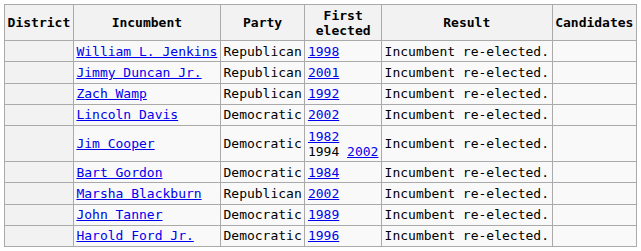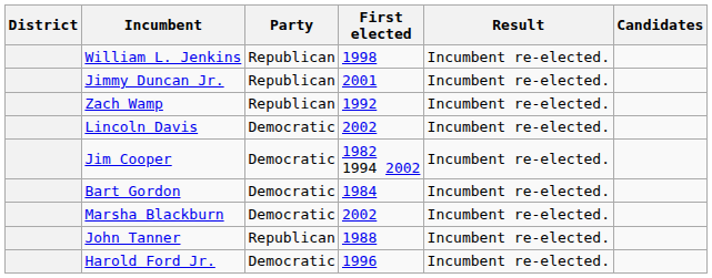 <table class="wikitable">
 <tr>
 <th>District</th>
 <th>Incumbent</th>
 <th>Party</th>
 <th>First<br>elected</th>
 <th>Result</th>
 <th>Candidates</th>
 </tr>
 <tr>
 <th></th>
 <td><a href='#'>William L. Jenkins</a></td>
 <td>Republican</td>
 <td><a href='#'>1998</a></td>
 <td>Incumbent re-elected.</td>
 <td nowrap=""></td>
 </tr>
 <tr>
 <th></th>
 <td><a href='#'>Jimmy Duncan Jr.</a></td>
 <td>Republican</td>
 <td><a href='#'>2001</a></td>
 <td>Incumbent re-elected.</td>
 <td nowrap=""></td>
 </tr>
 <tr>
 <th></th>
 <td><a href='#'>Zach Wamp</a></td>
 <td>Republican</td>
 <td><a href='#'>1992</a></td>
 <td>Incumbent re-elected.</td>
 <td nowrap=""></td>
 </tr>
 <tr>
 <th></th>
 <td><a href='#'>Lincoln Davis</a></td>
 <td>Democratic</td>
 <td><a href='#'>2002</a></td>
 <td>Incumbent re-elected.</td>
 <td nowrap=""></td>
 </tr>
 <tr>
 <th></th>
 <td><a href='#'>Jim Cooper</a></td>
 <td>Democratic</td>
 <td><a href='#'>1982</a><br>1994  <a href='#'>2002</a></td>
 <td>Incumbent re-elected.</td>
 <td nowrap=""></td>
 </tr>
 <tr>
 <th></th>
 <td><a href='#'>Bart Gordon</a></td>
 <td>Democratic</td>
 <td><a href='#'>1984</a></td>
 <td>Incumbent re-elected.</td>
 <td nowrap=""></td>
 </tr>
 <tr>
 <th></th>
 <td><a href='#'>Marsha Blackburn</a></td>
-<td>Republican</td>
+<td>Democratic</td>
 <td><a href='#'>2002</a></td>
 <td>Incumbent re-elected.</td>
 <td nowrap=""></td>
 </tr>
 <tr>
 <th></th>
 <td><a href='#'>John Tanner</a></td>
-<td>Democratic</td>
-<td><a href='#'>1989</a></td>
+<td>Republican</td>
+<td><a href='#'>1988</a></td>
 <td>Incumbent re-elected.</td>
 <td nowrap=""></td>
 </tr>
 <tr>
 <th></th>
 <td><a href='#'>Harold Ford Jr.</a></td>
 <td>Democratic</td>
 <td><a href='#'>1996</a></td>
 <td>Incumbent re-elected.</td>
 <td nowrap=""></td>
 </tr>
 </table>
